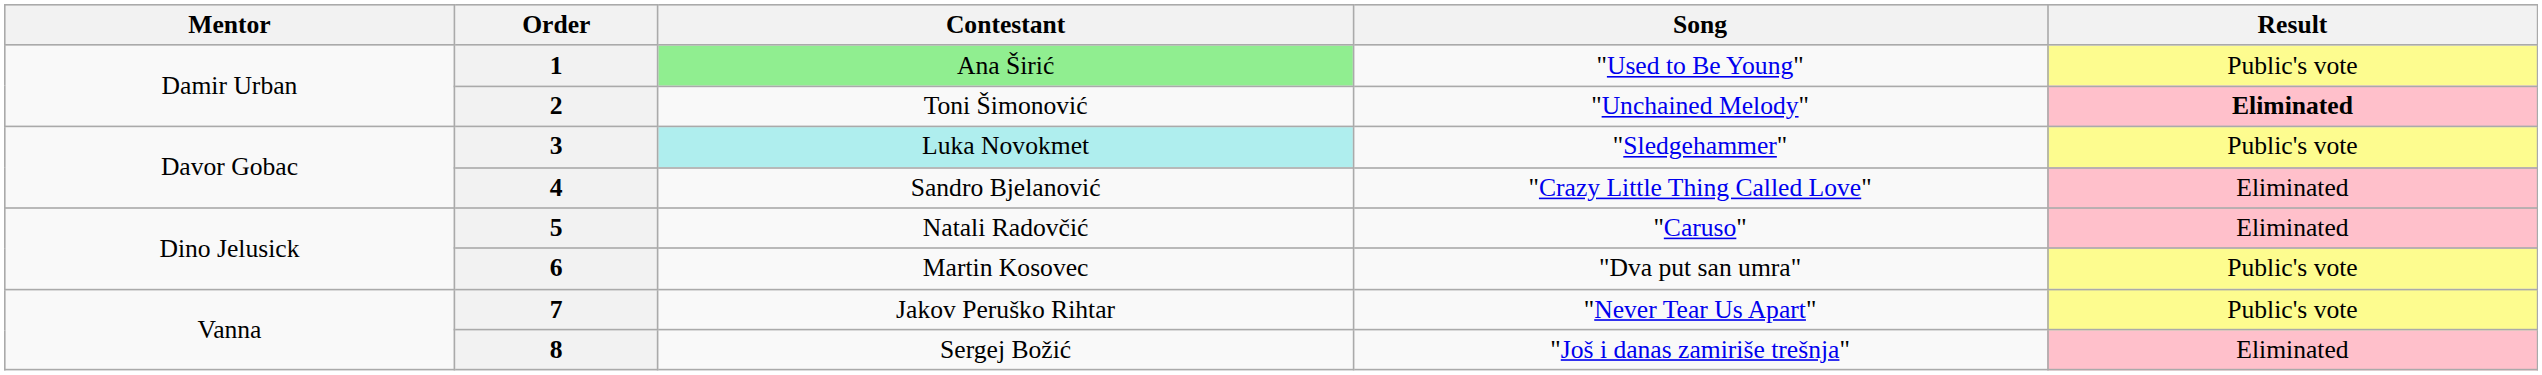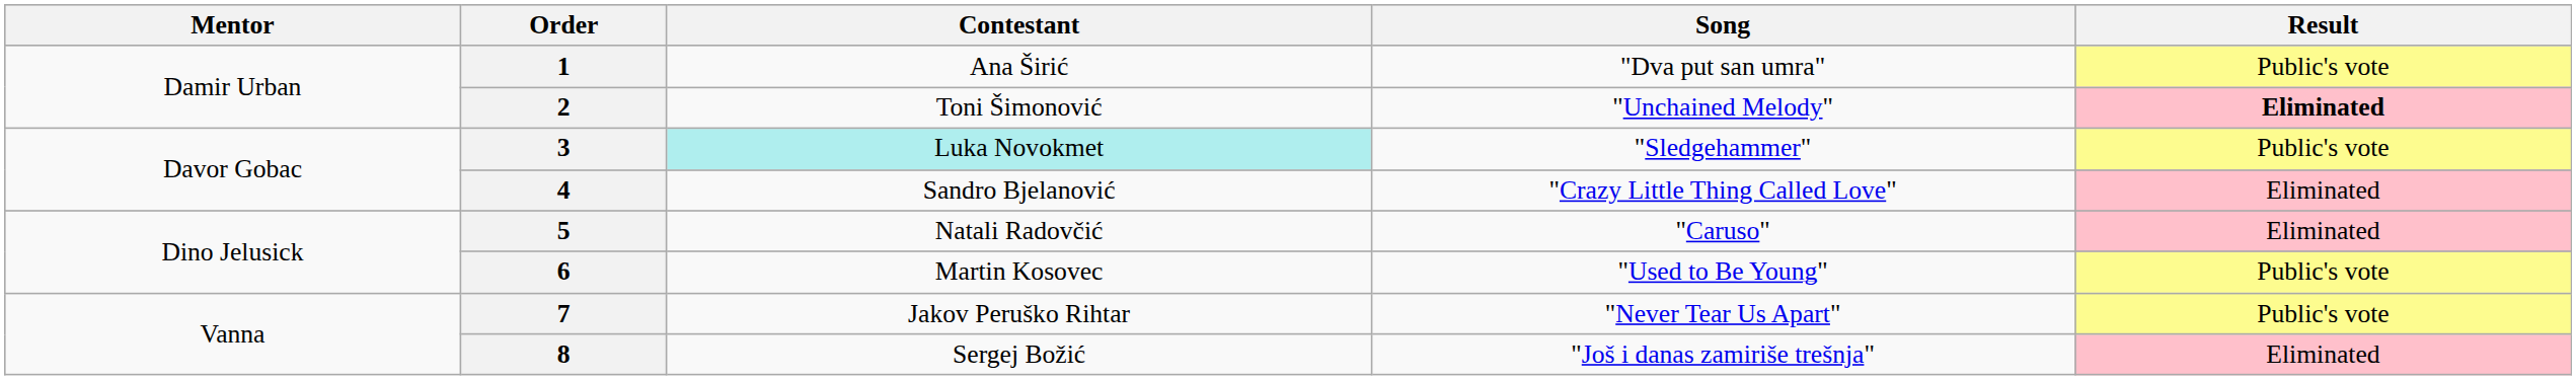 <table class="wikitable" style="text-align: center; width:100%;">
 <tr>
 <th style="width:11%;">Mentor</th>
 <th style="width:05%;">Order</th>
 <th style="width:17%;">Contestant</th>
 <th style="width:17%;">Song</th>
 <th style="width:12%;">Result</th>
 </tr>
 <tr>
 <td rowspan="2">Damir Urban</td>
 <th>1</th>
-<td style="background: lightgreen;">Ana Širić</td>
-<td>"<a href='#'>Used to Be Young</a>"</td>
+<td>Ana Širić</td>
+<td>"Dva put san umra"</td>
 <td style="background:#fdfc8f">Public's vote</td>
 </tr>
 <tr>
 <th>2</th>
 <td>Toni Šimonović</td>
 <td>"<a href='#'>Unchained Melody</a>"</td>
 <td style="background:pink"><strong>Eliminated</strong></td>
 </tr>
 <tr>
 <td rowspan="2">Davor Gobac</td>
 <th>3</th>
 <td style="background: paleturquoise;">Luka Novokmet</td>
 <td>"<a href='#'>Sledgehammer</a>"</td>
 <td style="background:#fdfc8f">Public's vote</td>
 </tr>
 <tr>
 <th>4</th>
 <td>Sandro Bjelanović</td>
 <td>"<a href='#'>Crazy Little Thing Called Love</a>"</td>
 <td style="background:pink">Eliminated</td>
 </tr>
 <tr>
 <td rowspan="2">Dino Jelusick</td>
 <th>5</th>
 <td>Natali Radovčić</td>
 <td>"<a href='#'>Caruso</a>"</td>
 <td style="background:pink">Eliminated</td>
 </tr>
 <tr>
 <th>6</th>
 <td>Martin Kosovec</td>
-<td>"Dva put san umra"</td>
+<td>"<a href='#'>Used to Be Young</a>"</td>
 <td style="background:#fdfc8f">Public's vote</td>
 </tr>
 <tr>
 <td rowspan="2">Vanna</td>
 <th>7</th>
 <td>Jakov Peruško Rihtar</td>
 <td>"<a href='#'>Never Tear Us Apart</a>"</td>
 <td style="background:#fdfc8f">Public's vote</td>
 </tr>
 <tr>
 <th>8</th>
 <td>Sergej Božić</td>
 <td>"<a href='#'>Još i danas zamiriše trešnja</a>"</td>
 <td style="background:pink">Eliminated</td>
 </tr>
 </table>
